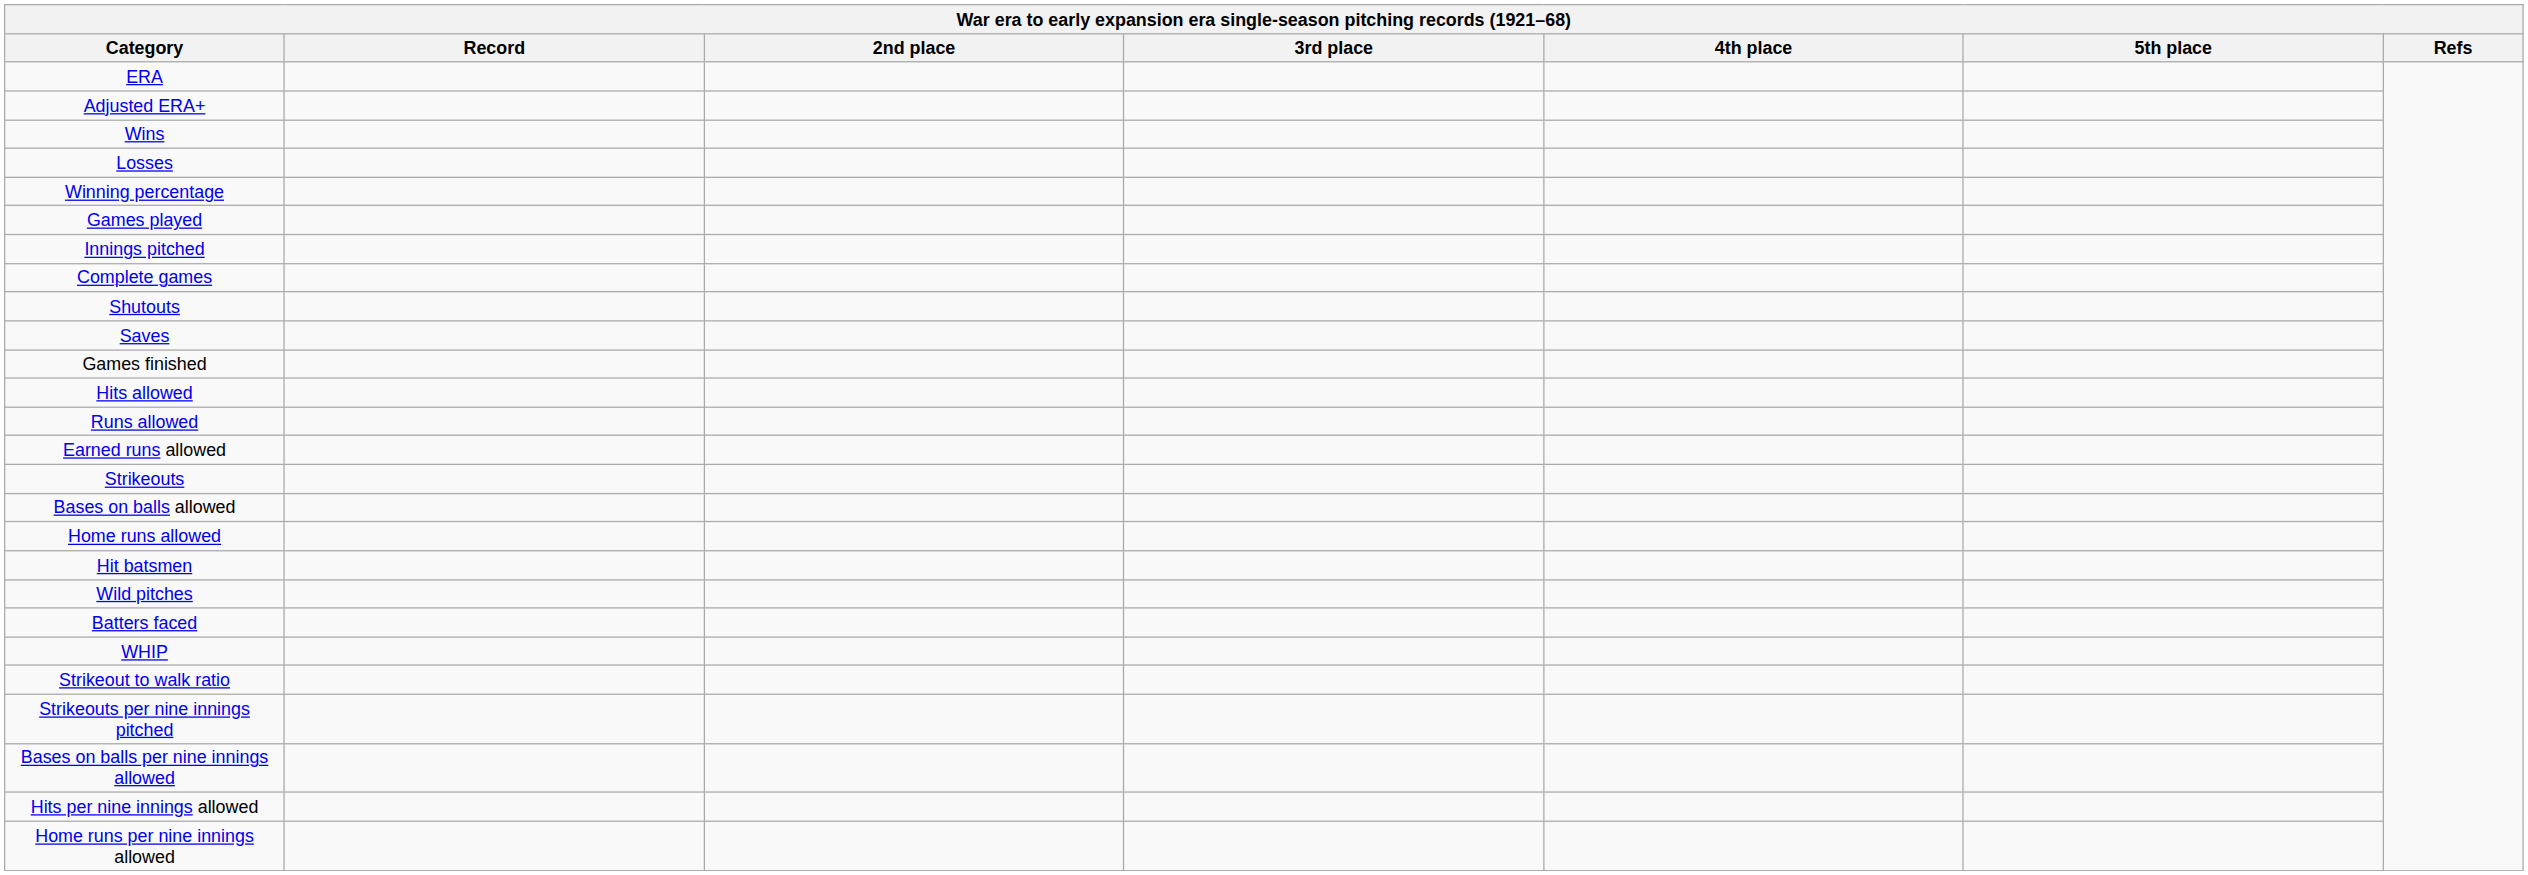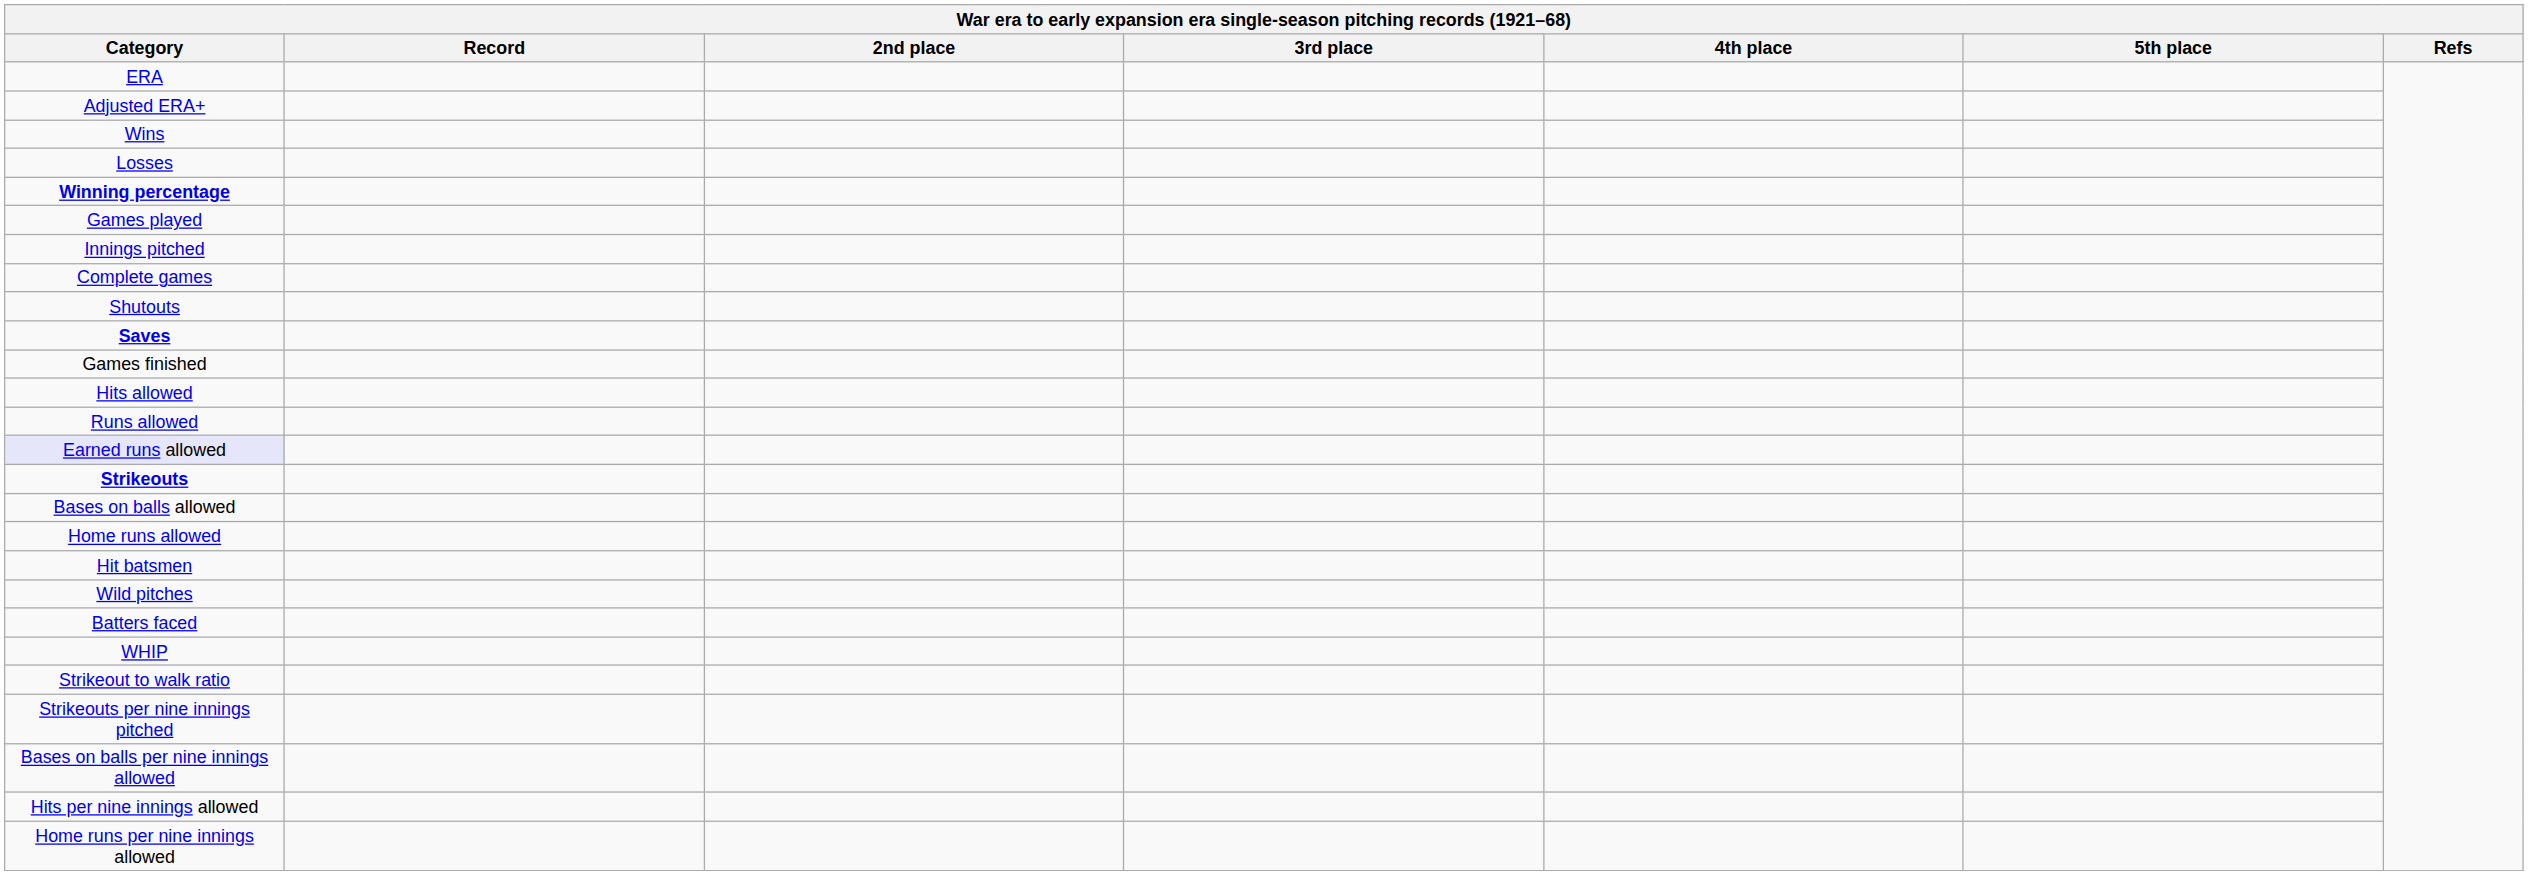 <table class="wikitable" style="text-align:center; font-size:88%; width:100%">
 <tr>
 <th colspan=7>War era to early expansion era single-season pitching records (1921–68)</th>
 </tr>
 <tr>
 <th scope="col" width=10%>Category</th>
 <th scope="col" width=15%>Record</th>
 <th scope="col" width=15%>2nd place</th>
 <th scope="col" width=15%>3rd place</th>
 <th scope="col" width=15%>4th place</th>
 <th scope="col" width=15%>5th place</th>
 <th scope="col" width=5%>Refs</th>
 </tr>
 <tr>
 <td><a href='#'>ERA</a></td>
 <td></td>
 <td></td>
 <td></td>
 <td></td>
 <td></td>
 </tr>
 <tr>
 <td><a href='#'>Adjusted ERA+</a></td>
 <td></td>
 <td></td>
 <td></td>
 <td></td>
 <td></td>
 </tr>
 <tr>
 <td><a href='#'>Wins</a></td>
 <td></td>
 <td></td>
 <td></td>
 <td></td>
 <td></td>
 </tr>
 <tr>
 <td><a href='#'>Losses</a></td>
 <td></td>
 <td></td>
 <td></td>
 <td></td>
 <td></td>
 </tr>
 <tr>
-<td><a href='#'>Winning percentage</a></td>
+<td><strong><a href='#'>Winning percentage</a></strong></td>
 <td></td>
 <td></td>
 <td></td>
 <td></td>
 <td></td>
 </tr>
 <tr>
 <td><a href='#'>Games played</a></td>
 <td></td>
 <td></td>
 <td></td>
 <td></td>
 <td></td>
 </tr>
 <tr>
 <td><a href='#'>Innings pitched</a></td>
 <td></td>
 <td></td>
 <td></td>
 <td></td>
 <td></td>
 </tr>
 <tr>
 <td><a href='#'>Complete games</a></td>
 <td></td>
 <td></td>
 <td></td>
 <td></td>
 <td></td>
 </tr>
 <tr>
 <td><a href='#'>Shutouts</a></td>
 <td></td>
 <td></td>
 <td></td>
 <td></td>
 <td></td>
 </tr>
 <tr>
-<td><a href='#'>Saves</a></td>
+<td><strong><a href='#'>Saves</a></strong></td>
 <td></td>
 <td></td>
 <td></td>
 <td></td>
 <td></td>
 </tr>
 <tr>
 <td>Games finished</td>
 <td></td>
 <td></td>
 <td></td>
 <td></td>
 <td></td>
 </tr>
 <tr>
 <td><a href='#'>Hits allowed</a></td>
 <td></td>
 <td></td>
 <td></td>
 <td></td>
 <td></td>
 </tr>
 <tr>
 <td><a href='#'>Runs allowed</a></td>
 <td></td>
 <td></td>
 <td></td>
 <td></td>
 <td></td>
 </tr>
 <tr>
-<td><a href='#'>Earned runs</a> allowed</td>
+<td style="background: lavender;"><a href='#'>Earned runs</a> allowed</td>
 <td></td>
 <td></td>
 <td></td>
 <td></td>
 <td></td>
 </tr>
 <tr>
-<td><a href='#'>Strikeouts</a></td>
+<td><strong><a href='#'>Strikeouts</a></strong></td>
 <td></td>
 <td></td>
 <td></td>
 <td></td>
 <td></td>
 </tr>
 <tr>
 <td><a href='#'>Bases on balls</a> allowed</td>
 <td></td>
 <td></td>
 <td></td>
 <td></td>
 <td></td>
 </tr>
 <tr>
 <td><a href='#'>Home runs allowed</a></td>
 <td></td>
 <td></td>
 <td></td>
 <td></td>
 <td></td>
 </tr>
 <tr>
 <td><a href='#'>Hit batsmen</a></td>
 <td></td>
 <td></td>
 <td></td>
 <td></td>
 <td></td>
 </tr>
 <tr>
 <td><a href='#'>Wild pitches</a></td>
 <td></td>
 <td></td>
 <td></td>
 <td></td>
 <td></td>
 </tr>
 <tr>
 <td><a href='#'>Batters faced</a></td>
 <td></td>
 <td></td>
 <td></td>
 <td></td>
 <td></td>
 </tr>
 <tr>
 <td><a href='#'>WHIP</a></td>
 <td></td>
 <td></td>
 <td></td>
 <td></td>
 <td></td>
 </tr>
 <tr>
 <td><a href='#'>Strikeout to walk ratio</a></td>
 <td></td>
 <td></td>
 <td></td>
 <td></td>
 <td></td>
 </tr>
 <tr>
 <td><a href='#'>Strikeouts per nine innings pitched</a></td>
 <td></td>
 <td></td>
 <td></td>
 <td></td>
 <td></td>
 </tr>
 <tr>
 <td><a href='#'>Bases on balls per nine innings allowed</a></td>
 <td></td>
 <td></td>
 <td></td>
 <td></td>
 <td></td>
 </tr>
 <tr>
 <td><a href='#'>Hits per nine innings</a> allowed</td>
 <td></td>
 <td></td>
 <td></td>
 <td></td>
 <td></td>
 </tr>
 <tr>
 <td><a href='#'>Home runs per nine innings</a> allowed</td>
 <td></td>
 <td></td>
 <td></td>
 <td></td>
 <td></td>
 </tr>
 <tr>
 </tr>
 </table>
